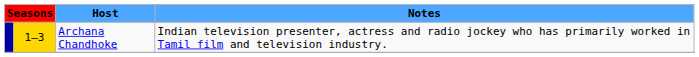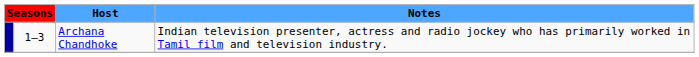 <table class="wikitable" width="65%">
 <tr>
 <th scope="col" style ="background: #FF0000;"style="background: #0000A0 ;color:white"  colspan="2">Seasons</th>
 <th scope="col" style ="background: #4da6ff;"style="background: #0000A0 ;color:white">Host</th>
 <th scope="col" style ="background: #4da6ff;"style="background: #0000A0 ;color:white">Notes</th>
 </tr>
 <tr>
 <td style="background: #0000A0"></td>
-<td rowspan="1"align="center" style="background: gold;">1–3</td>
+<td rowspan="1"align="center">1–3</td>
 <td><a href='#'>Archana Chandhoke</a></td>
 <td>Indian television presenter, actress and radio jockey who has primarily worked in <a href='#'>Tamil film</a> and television industry.</td>
 </tr>
 <tr>
 </tr>
 </table>
